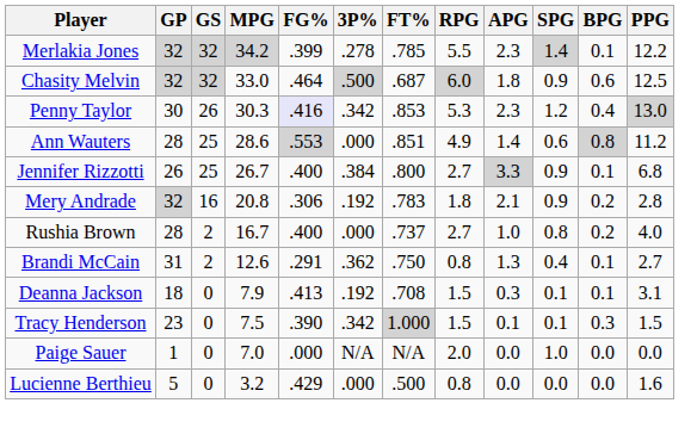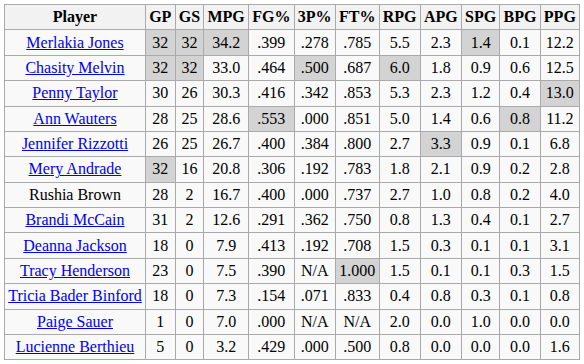 <table class="wikitable sortable" style="text-align:center;">
 <tr>
 <th>Player</th>
 <th>GP</th>
 <th>GS</th>
 <th>MPG</th>
 <th>FG%</th>
 <th>3P%</th>
 <th>FT%</th>
 <th>RPG</th>
 <th>APG</th>
 <th>SPG</th>
 <th>BPG</th>
 <th>PPG</th>
 </tr>
 <tr>
 <td><a href='#'>Merlakia Jones</a></td>
 <td style="background:#D3D3D3;">32</td>
 <td style="background:#D3D3D3;">32</td>
 <td style="background:#D3D3D3;">34.2</td>
 <td>.399</td>
 <td>.278</td>
 <td>.785</td>
 <td>5.5</td>
 <td>2.3</td>
 <td style="background:#D3D3D3;">1.4</td>
 <td>0.1</td>
 <td>12.2</td>
 </tr>
 <tr>
 <td><a href='#'>Chasity Melvin</a></td>
 <td style="background:#D3D3D3;">32</td>
 <td style="background:#D3D3D3;">32</td>
 <td>33.0</td>
 <td>.464</td>
 <td style="background:#D3D3D3;">.500</td>
 <td>.687</td>
 <td style="background:#D3D3D3;">6.0</td>
 <td>1.8</td>
 <td>0.9</td>
 <td>0.6</td>
 <td>12.5</td>
 </tr>
 <tr>
 <td><a href='#'>Penny Taylor</a></td>
 <td>30</td>
 <td>26</td>
 <td>30.3</td>
-<td style="background: lavender;">.416</td>
+<td>.416</td>
 <td>.342</td>
 <td>.853</td>
 <td>5.3</td>
 <td>2.3</td>
 <td>1.2</td>
 <td>0.4</td>
 <td style="background:#D3D3D3;">13.0</td>
 </tr>
 <tr>
 <td><a href='#'>Ann Wauters</a></td>
 <td>28</td>
 <td>25</td>
 <td>28.6</td>
 <td style="background:#D3D3D3;">.553</td>
 <td>.000</td>
 <td>.851</td>
-<td>4.9</td>
+<td>5.0</td>
 <td>1.4</td>
 <td>0.6</td>
 <td style="background:#D3D3D3;">0.8</td>
 <td>11.2</td>
 </tr>
 <tr>
 <td><a href='#'>Jennifer Rizzotti</a></td>
 <td>26</td>
 <td>25</td>
 <td>26.7</td>
 <td>.400</td>
 <td>.384</td>
 <td>.800</td>
 <td>2.7</td>
 <td style="background:#D3D3D3;">3.3</td>
 <td>0.9</td>
 <td>0.1</td>
 <td>6.8</td>
 </tr>
 <tr>
 <td><a href='#'>Mery Andrade</a></td>
 <td style="background:#D3D3D3;">32</td>
 <td>16</td>
 <td>20.8</td>
 <td>.306</td>
 <td>.192</td>
 <td>.783</td>
 <td>1.8</td>
 <td>2.1</td>
 <td>0.9</td>
 <td>0.2</td>
 <td>2.8</td>
 </tr>
 <tr>
 <td>Rushia Brown</td>
 <td>28</td>
 <td>2</td>
 <td>16.7</td>
 <td>.400</td>
 <td>.000</td>
 <td>.737</td>
 <td>2.7</td>
 <td>1.0</td>
 <td>0.8</td>
 <td>0.2</td>
 <td>4.0</td>
 </tr>
 <tr>
 <td><a href='#'>Brandi McCain</a></td>
 <td>31</td>
 <td>2</td>
 <td>12.6</td>
 <td>.291</td>
 <td>.362</td>
 <td>.750</td>
 <td>0.8</td>
 <td>1.3</td>
 <td>0.4</td>
 <td>0.1</td>
 <td>2.7</td>
 </tr>
 <tr>
 <td><a href='#'>Deanna Jackson</a></td>
 <td>18</td>
 <td>0</td>
 <td>7.9</td>
 <td>.413</td>
 <td>.192</td>
 <td>.708</td>
 <td>1.5</td>
 <td>0.3</td>
 <td>0.1</td>
 <td>0.1</td>
 <td>3.1</td>
 </tr>
 <tr>
 <td><a href='#'>Tracy Henderson</a></td>
 <td>23</td>
 <td>0</td>
 <td>7.5</td>
 <td>.390</td>
-<td>.342</td>
+<td>N/A</td>
 <td style="background:#D3D3D3;">1.000</td>
 <td>1.5</td>
 <td>0.1</td>
 <td>0.1</td>
 <td>0.3</td>
 <td>1.5</td>
+</tr>
+<tr>
+<td><a href='#'>Tricia Bader Binford</a></td>
+<td>18</td>
+<td>0</td>
+<td>7.3</td>
+<td>.154</td>
+<td>.071</td>
+<td>.833</td>
+<td>0.4</td>
+<td>0.8</td>
+<td>0.3</td>
+<td>0.1</td>
+<td>0.8</td>
 </tr>
 <tr>
 <td><a href='#'>Paige Sauer</a></td>
 <td>1</td>
 <td>0</td>
 <td>7.0</td>
 <td>.000</td>
 <td>N/A</td>
 <td>N/A</td>
 <td>2.0</td>
 <td>0.0</td>
 <td>1.0</td>
 <td>0.0</td>
 <td>0.0</td>
 </tr>
 <tr>
 <td><a href='#'>Lucienne Berthieu</a></td>
 <td>5</td>
 <td>0</td>
 <td>3.2</td>
 <td>.429</td>
 <td>.000</td>
 <td>.500</td>
 <td>0.8</td>
 <td>0.0</td>
 <td>0.0</td>
 <td>0.0</td>
 <td>1.6</td>
 </tr>
 <tr>
 </tr>
 </table>
